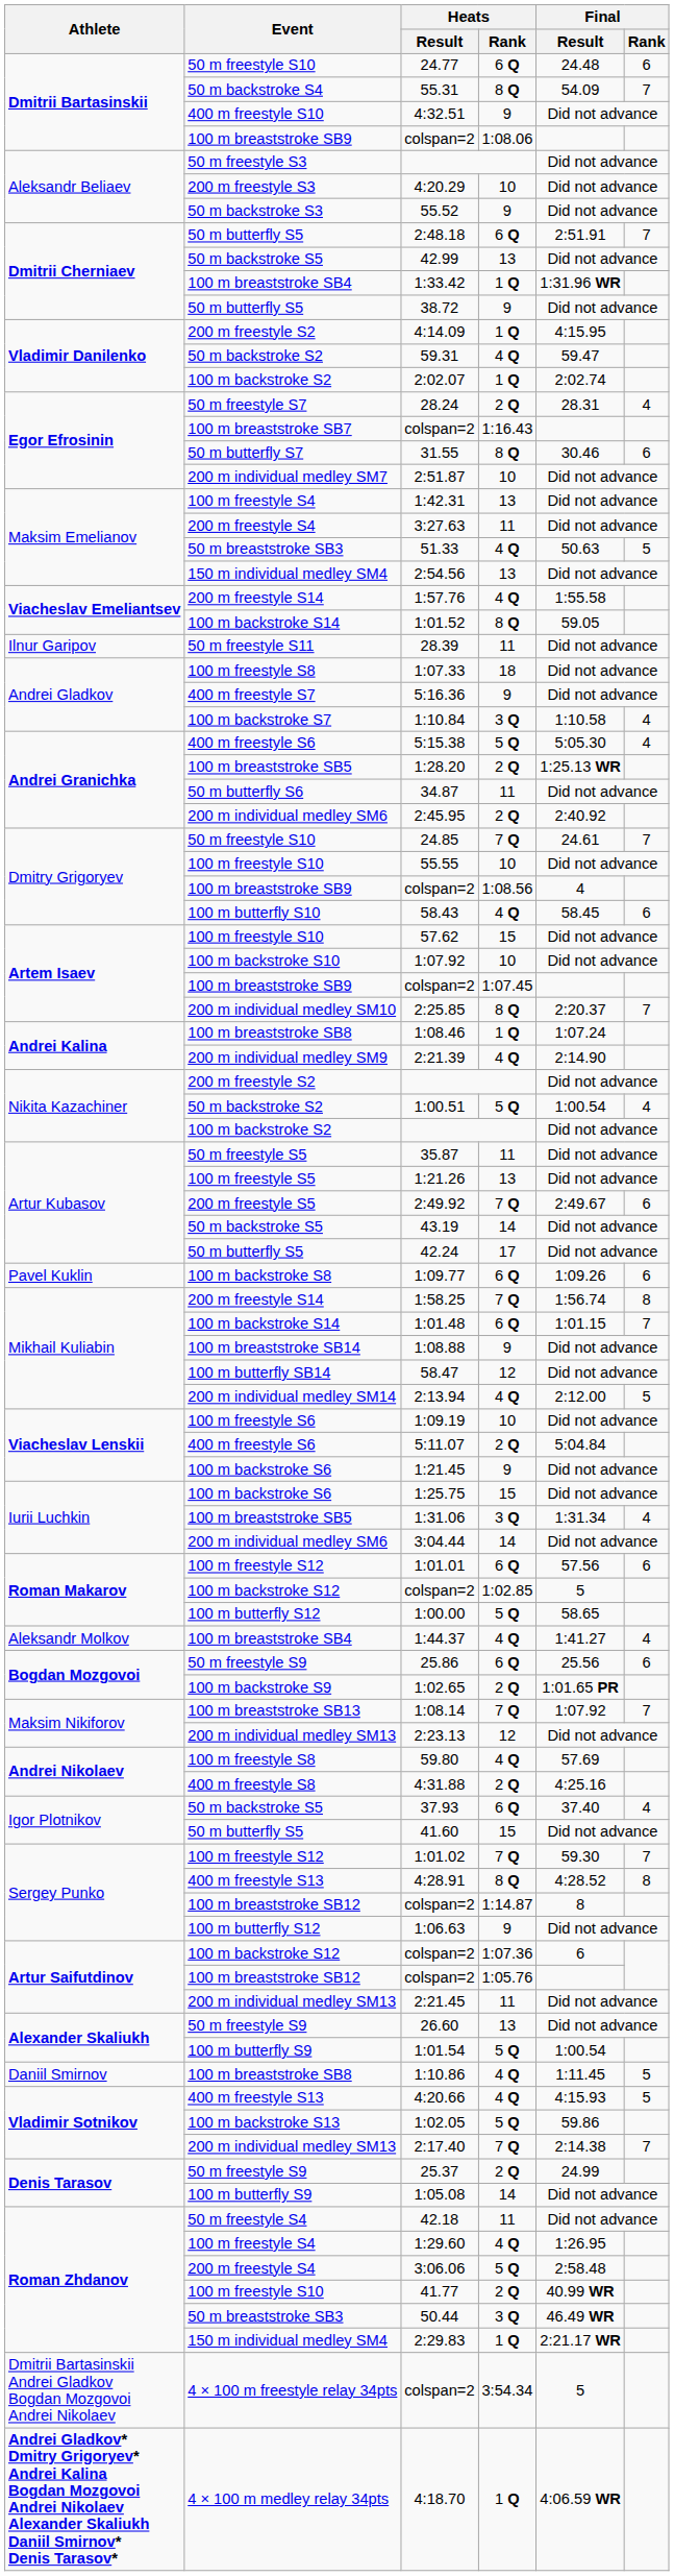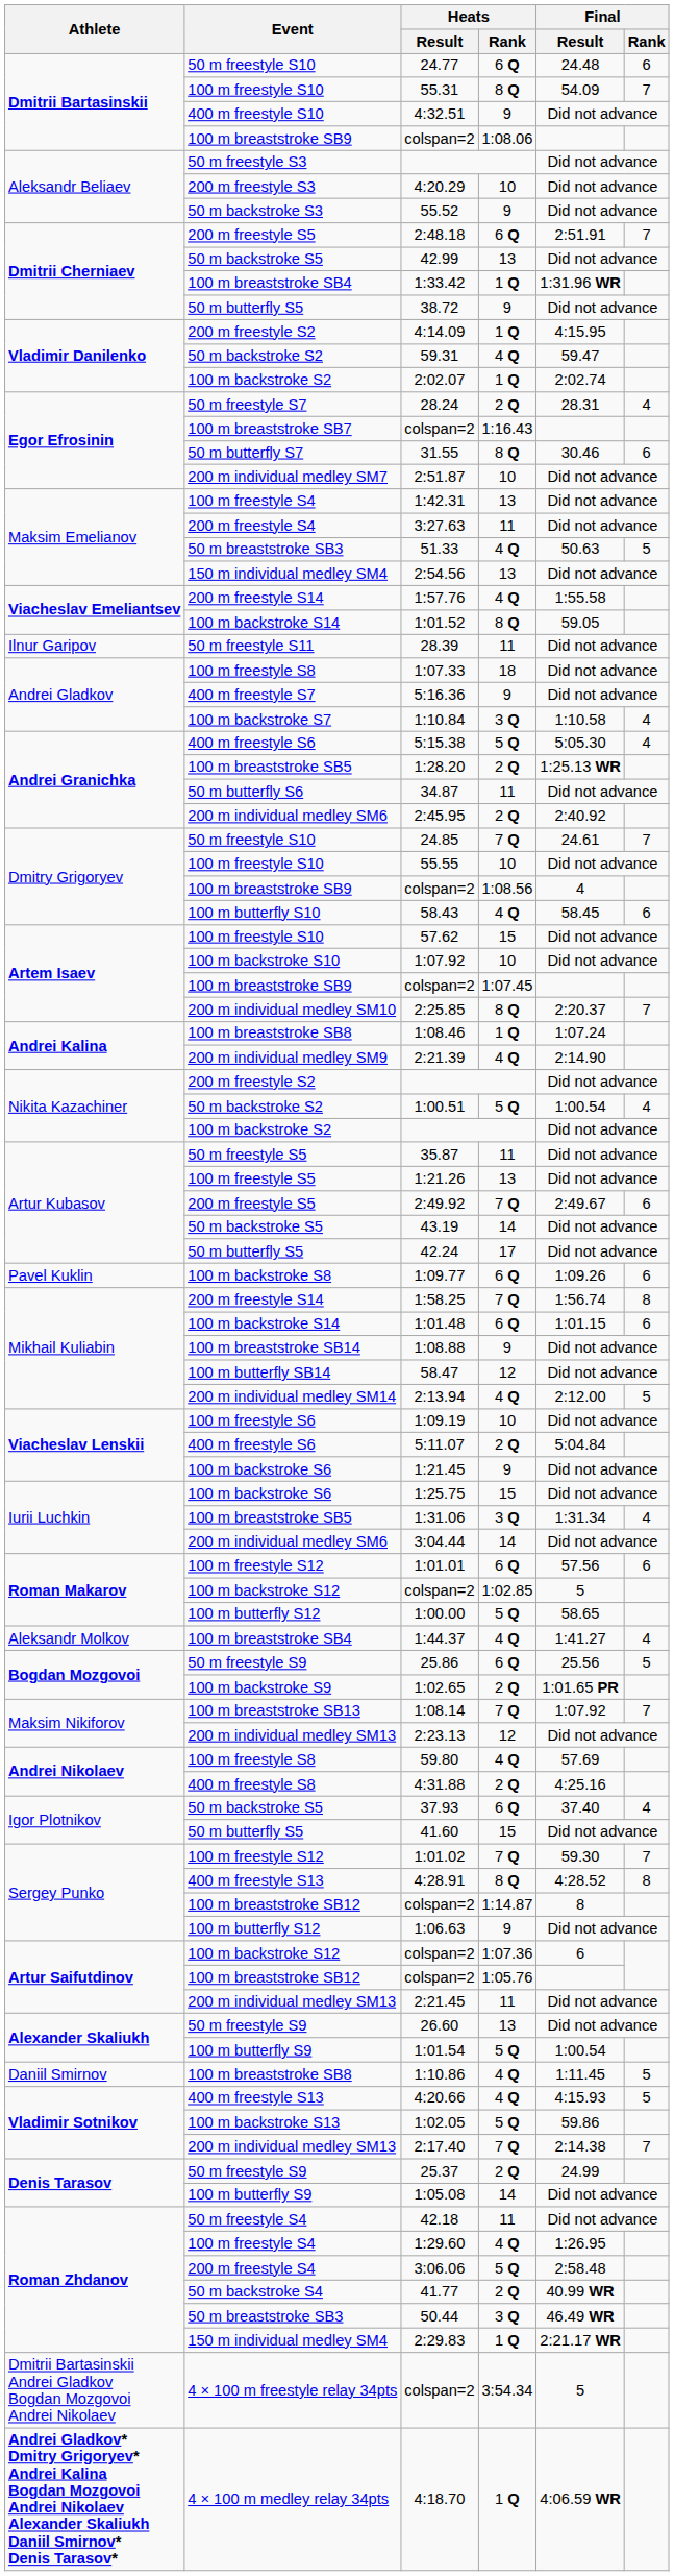 <table class=wikitable style="text-align:center; font-size:90%">
 <tr>
 <th rowspan=2>Athlete</th>
 <th rowspan=2>Event</th>
 <th colspan=2>Heats</th>
 <th colspan=2>Final</th>
 </tr>
 <tr>
 <th>Result</th>
 <th>Rank</th>
 <th>Result</th>
 <th>Rank</th>
 </tr>
 <tr>
 <td rowspan=4 align=left><strong><a href='#'>Dmitrii Bartasinskii</a></strong></td>
 <td align=left><a href='#'>50 m freestyle S10</a></td>
 <td>24.77</td>
 <td>6 <strong>Q</strong></td>
 <td>24.48</td>
 <td>6</td>
 </tr>
 <tr>
-<td align=left><a href='#'>50 m backstroke S4</a></td>
+<td align=left><a href='#'>100 m freestyle S10</a></td>
 <td>55.31</td>
 <td>8 <strong>Q</strong></td>
 <td>54.09</td>
 <td>7</td>
 </tr>
 <tr>
 <td align=left><a href='#'>400 m freestyle S10</a></td>
 <td>4:32.51</td>
 <td>9</td>
 <td colspan=2>Did not advance</td>
 </tr>
 <tr>
 <td align=left><a href='#'>100 m breaststroke SB9</a></td>
 <td>colspan=2 </td>
 <td>1:08.06</td>
 <td></td>
 </tr>
 <tr>
 <td rowspan=3 align=left><a href='#'>Aleksandr Beliaev</a></td>
 <td align=left><a href='#'>50 m freestyle S3</a></td>
 <td colspan=2></td>
 <td colspan=2>Did not advance</td>
 </tr>
 <tr>
 <td align=left><a href='#'>200 m freestyle S3</a></td>
 <td>4:20.29</td>
 <td>10</td>
 <td colspan=2>Did not advance</td>
 </tr>
 <tr>
 <td align=left><a href='#'>50 m backstroke S3</a></td>
 <td>55.52</td>
 <td>9</td>
 <td colspan=2>Did not advance</td>
 </tr>
 <tr>
 <td rowspan=4 align=left><strong><a href='#'>Dmitrii Cherniaev</a></strong></td>
-<td align=left><a href='#'>50 m butterfly S5</a></td>
+<td align=left><a href='#'>200 m freestyle S5</a></td>
 <td>2:48.18</td>
 <td>6 <strong>Q</strong></td>
 <td>2:51.91</td>
 <td>7</td>
 </tr>
 <tr>
 <td align=left><a href='#'>50 m backstroke S5</a></td>
 <td>42.99</td>
 <td>13</td>
 <td colspan=2>Did not advance</td>
 </tr>
 <tr>
 <td align=left><a href='#'>100 m breaststroke SB4</a></td>
 <td>1:33.42</td>
 <td>1 <strong>Q</strong></td>
 <td>1:31.96 <strong>WR</strong></td>
 <td></td>
 </tr>
 <tr>
 <td align=left><a href='#'>50 m butterfly S5</a></td>
 <td>38.72</td>
 <td>9</td>
 <td colspan=2>Did not advance</td>
 </tr>
 <tr>
 <td rowspan=3 align=left><strong><a href='#'>Vladimir Danilenko</a></strong></td>
 <td align=left><a href='#'>200 m freestyle S2</a></td>
 <td>4:14.09</td>
 <td>1 <strong>Q</strong></td>
 <td>4:15.95</td>
 <td></td>
 </tr>
 <tr>
 <td align=left><a href='#'>50 m backstroke S2</a></td>
 <td>59.31</td>
 <td>4 <strong>Q</strong></td>
 <td>59.47</td>
 <td></td>
 </tr>
 <tr>
 <td align=left><a href='#'>100 m backstroke S2</a></td>
 <td>2:02.07</td>
 <td>1 <strong>Q</strong></td>
 <td>2:02.74</td>
 <td></td>
 </tr>
 <tr>
 <td rowspan=4 align=left><strong><a href='#'>Egor Efrosinin</a></strong></td>
 <td align=left><a href='#'>50 m freestyle S7</a></td>
 <td>28.24</td>
 <td>2 <strong>Q</strong></td>
 <td>28.31</td>
 <td>4</td>
 </tr>
 <tr>
 <td align=left><a href='#'>100 m breaststroke SB7</a></td>
 <td>colspan=2 </td>
 <td>1:16.43</td>
 <td></td>
 </tr>
 <tr>
 <td align=left><a href='#'>50 m butterfly S7</a></td>
 <td>31.55</td>
 <td>8 <strong>Q</strong></td>
 <td>30.46</td>
 <td>6</td>
 </tr>
 <tr>
 <td align=left><a href='#'>200 m individual medley SM7</a></td>
 <td>2:51.87</td>
 <td>10</td>
 <td colspan=2>Did not advance</td>
 </tr>
 <tr>
 <td rowspan=4 align=left><a href='#'>Maksim Emelianov</a></td>
 <td align=left><a href='#'>100 m freestyle S4</a></td>
 <td>1:42.31</td>
 <td>13</td>
 <td colspan=2>Did not advance</td>
 </tr>
 <tr>
 <td align=left><a href='#'>200 m freestyle S4</a></td>
 <td>3:27.63</td>
 <td>11</td>
 <td colspan=2>Did not advance</td>
 </tr>
 <tr>
 <td align=left><a href='#'>50 m breaststroke SB3</a></td>
 <td>51.33</td>
 <td>4 <strong>Q</strong></td>
 <td>50.63</td>
 <td>5</td>
 </tr>
 <tr>
 <td align=left><a href='#'>150 m individual medley SM4</a></td>
 <td>2:54.56</td>
 <td>13</td>
 <td colspan=2>Did not advance</td>
 </tr>
 <tr>
 <td rowspan=2 align=left><strong><a href='#'>Viacheslav Emeliantsev</a></strong></td>
 <td align=left><a href='#'>200 m freestyle S14</a></td>
 <td>1:57.76</td>
 <td>4 <strong>Q</strong></td>
 <td>1:55.58</td>
 <td></td>
 </tr>
 <tr>
 <td align=left><a href='#'>100 m backstroke S14</a></td>
 <td>1:01.52</td>
 <td>8 <strong>Q</strong></td>
 <td>59.05</td>
 <td></td>
 </tr>
 <tr>
 <td align=left><a href='#'>Ilnur Garipov</a></td>
 <td align=left><a href='#'>50 m freestyle S11</a></td>
 <td>28.39</td>
 <td>11</td>
 <td colspan=2>Did not advance</td>
 </tr>
 <tr>
 <td rowspan=3 align=left><a href='#'>Andrei Gladkov</a></td>
 <td align=left><a href='#'>100 m freestyle S8</a></td>
 <td>1:07.33</td>
 <td>18</td>
 <td colspan=2>Did not advance</td>
 </tr>
 <tr>
 <td align=left><a href='#'>400 m freestyle S7</a></td>
 <td>5:16.36</td>
 <td>9</td>
 <td colspan=2>Did not advance</td>
 </tr>
 <tr>
 <td align=left><a href='#'>100 m backstroke S7</a></td>
 <td>1:10.84</td>
 <td>3 <strong>Q</strong></td>
 <td>1:10.58</td>
 <td>4</td>
 </tr>
 <tr>
 <td rowspan=4 align=left><strong><a href='#'>Andrei Granichka</a></strong></td>
 <td align=left><a href='#'>400 m freestyle S6</a></td>
 <td>5:15.38</td>
 <td>5 <strong>Q</strong></td>
 <td>5:05.30</td>
 <td>4</td>
 </tr>
 <tr>
 <td align=left><a href='#'>100 m breaststroke SB5</a></td>
 <td>1:28.20</td>
 <td>2 <strong>Q</strong></td>
 <td>1:25.13 <strong>WR</strong></td>
 <td></td>
 </tr>
 <tr>
 <td align=left><a href='#'>50 m butterfly S6</a></td>
 <td>34.87</td>
 <td>11</td>
 <td colspan=2>Did not advance</td>
 </tr>
 <tr>
 <td align=left><a href='#'>200 m individual medley SM6</a></td>
 <td>2:45.95</td>
 <td>2 <strong>Q</strong></td>
 <td>2:40.92</td>
 <td></td>
 </tr>
 <tr>
 <td rowspan=4 align=left><a href='#'>Dmitry Grigoryev</a></td>
 <td align=left><a href='#'>50 m freestyle S10</a></td>
 <td>24.85</td>
 <td>7 <strong>Q</strong></td>
 <td>24.61</td>
 <td>7</td>
 </tr>
 <tr>
 <td align=left><a href='#'>100 m freestyle S10</a></td>
 <td>55.55</td>
 <td>10</td>
 <td colspan=2>Did not advance</td>
 </tr>
 <tr>
 <td align=left><a href='#'>100 m breaststroke SB9</a></td>
 <td>colspan=2 </td>
 <td>1:08.56</td>
 <td>4</td>
 </tr>
 <tr>
 <td align=left><a href='#'>100 m butterfly S10</a></td>
 <td>58.43</td>
 <td>4 <strong>Q</strong></td>
 <td>58.45</td>
 <td>6</td>
 </tr>
 <tr>
 <td rowspan=4 align=left><strong><a href='#'>Artem Isaev</a></strong></td>
 <td align=left><a href='#'>100 m freestyle S10</a></td>
 <td>57.62</td>
 <td>15</td>
 <td colspan=2>Did not advance</td>
 </tr>
 <tr>
 <td align=left><a href='#'>100 m backstroke S10</a></td>
 <td>1:07.92</td>
 <td>10</td>
 <td colspan=2>Did not advance</td>
 </tr>
 <tr>
 <td align=left><a href='#'>100 m breaststroke SB9</a></td>
 <td>colspan=2 </td>
 <td>1:07.45</td>
 <td></td>
 </tr>
 <tr>
 <td align=left><a href='#'>200 m individual medley SM10</a></td>
 <td>2:25.85</td>
 <td>8 <strong>Q</strong></td>
 <td>2:20.37</td>
 <td>7</td>
 </tr>
 <tr>
 <td rowspan=2 align=left><strong><a href='#'>Andrei Kalina</a></strong></td>
 <td align=left><a href='#'>100 m breaststroke SB8</a></td>
 <td>1:08.46</td>
 <td>1 <strong>Q</strong></td>
 <td>1:07.24</td>
 <td></td>
 </tr>
 <tr>
 <td align=left><a href='#'>200 m individual medley SM9</a></td>
 <td>2:21.39</td>
 <td>4 <strong>Q</strong></td>
 <td>2:14.90</td>
 <td></td>
 </tr>
 <tr>
 <td rowspan=3 align=left><a href='#'>Nikita Kazachiner</a></td>
 <td align=left><a href='#'>200 m freestyle S2</a></td>
 <td colspan=2></td>
 <td colspan=2>Did not advance</td>
 </tr>
 <tr>
 <td align=left><a href='#'>50 m backstroke S2</a></td>
 <td>1:00.51</td>
 <td>5 <strong>Q</strong></td>
 <td>1:00.54</td>
 <td>4</td>
 </tr>
 <tr>
 <td align=left><a href='#'>100 m backstroke S2</a></td>
 <td colspan=2></td>
 <td colspan=2>Did not advance</td>
 </tr>
 <tr>
 <td rowspan=5 align=left><a href='#'>Artur Kubasov</a></td>
 <td align=left><a href='#'>50 m freestyle S5</a></td>
 <td>35.87</td>
 <td>11</td>
 <td colspan=2>Did not advance</td>
 </tr>
 <tr>
 <td align=left><a href='#'>100 m freestyle S5</a></td>
 <td>1:21.26</td>
 <td>13</td>
 <td colspan=2>Did not advance</td>
 </tr>
 <tr>
 <td align=left><a href='#'>200 m freestyle S5</a></td>
 <td>2:49.92</td>
 <td>7 <strong>Q</strong></td>
 <td>2:49.67</td>
 <td>6</td>
 </tr>
 <tr>
 <td align=left><a href='#'>50 m backstroke S5</a></td>
 <td>43.19</td>
 <td>14</td>
 <td colspan=2>Did not advance</td>
 </tr>
 <tr>
 <td align=left><a href='#'>50 m butterfly S5</a></td>
 <td>42.24</td>
 <td>17</td>
 <td colspan=2>Did not advance</td>
 </tr>
 <tr>
 <td align=left><a href='#'>Pavel Kuklin</a></td>
 <td align=left><a href='#'>100 m backstroke S8</a></td>
 <td>1:09.77</td>
 <td>6 <strong>Q</strong></td>
 <td>1:09.26</td>
 <td>6</td>
 </tr>
 <tr>
 <td rowspan=5 align=left><a href='#'>Mikhail Kuliabin</a></td>
 <td align=left><a href='#'>200 m freestyle S14</a></td>
 <td>1:58.25</td>
 <td>7 <strong>Q</strong></td>
 <td>1:56.74</td>
 <td>8</td>
 </tr>
 <tr>
 <td align=left><a href='#'>100 m backstroke S14</a></td>
 <td>1:01.48</td>
 <td>6 <strong>Q</strong></td>
 <td>1:01.15</td>
-<td>7</td>
+<td>6</td>
 </tr>
 <tr>
 <td align=left><a href='#'>100 m breaststroke SB14</a></td>
 <td>1:08.88</td>
 <td>9</td>
 <td colspan=2>Did not advance</td>
 </tr>
 <tr>
 <td align=left><a href='#'>100 m butterfly SB14</a></td>
 <td>58.47</td>
 <td>12</td>
 <td colspan=2>Did not advance</td>
 </tr>
 <tr>
 <td align=left><a href='#'>200 m individual medley SM14</a></td>
 <td>2:13.94</td>
 <td>4 <strong>Q</strong></td>
 <td>2:12.00</td>
 <td>5</td>
 </tr>
 <tr>
 <td rowspan=3 align=left><strong><a href='#'>Viacheslav Lenskii</a></strong></td>
 <td align=left><a href='#'>100 m freestyle S6</a></td>
 <td>1:09.19</td>
 <td>10</td>
 <td colspan=2>Did not advance</td>
 </tr>
 <tr>
 <td align=left><a href='#'>400 m freestyle S6</a></td>
 <td>5:11.07</td>
 <td>2 <strong>Q</strong></td>
 <td>5:04.84</td>
 <td></td>
 </tr>
 <tr>
 <td align=left><a href='#'>100 m backstroke S6</a></td>
 <td>1:21.45</td>
 <td>9</td>
 <td colspan=2>Did not advance</td>
 </tr>
 <tr>
 <td rowspan=3 align=left><a href='#'>Iurii Luchkin</a></td>
 <td align=left><a href='#'>100 m backstroke S6</a></td>
 <td>1:25.75</td>
 <td>15</td>
 <td colspan=2>Did not advance</td>
 </tr>
 <tr>
 <td align=left><a href='#'>100 m breaststroke SB5</a></td>
 <td>1:31.06</td>
 <td>3 <strong>Q</strong></td>
 <td>1:31.34</td>
 <td>4</td>
 </tr>
 <tr>
 <td align=left><a href='#'>200 m individual medley SM6</a></td>
 <td>3:04.44</td>
 <td>14</td>
 <td colspan=2>Did not advance</td>
 </tr>
 <tr>
 <td rowspan=3 align=left><strong><a href='#'>Roman Makarov</a></strong></td>
 <td align=left><a href='#'>100 m freestyle S12</a></td>
 <td>1:01.01</td>
 <td>6 <strong>Q</strong></td>
 <td>57.56</td>
 <td>6</td>
 </tr>
 <tr>
 <td align=left><a href='#'>100 m backstroke S12</a></td>
 <td>colspan=2 </td>
 <td>1:02.85</td>
 <td>5</td>
 </tr>
 <tr>
 <td align=left><a href='#'>100 m butterfly S12</a></td>
 <td>1:00.00</td>
 <td>5 <strong>Q</strong></td>
 <td>58.65</td>
 <td></td>
 </tr>
 <tr>
 <td align=left><a href='#'>Aleksandr Molkov</a></td>
 <td align=left><a href='#'>100 m breaststroke SB4</a></td>
 <td>1:44.37</td>
 <td>4 <strong>Q</strong></td>
 <td>1:41.27</td>
 <td>4</td>
 </tr>
 <tr>
 <td rowspan=2 align=left><strong><a href='#'>Bogdan Mozgovoi</a></strong></td>
 <td align=left><a href='#'>50 m freestyle S9</a></td>
 <td>25.86</td>
 <td>6 <strong>Q</strong></td>
 <td>25.56</td>
-<td>6</td>
+<td>5</td>
 </tr>
 <tr>
 <td align=left><a href='#'>100 m backstroke S9</a></td>
 <td>1:02.65</td>
 <td>2 <strong>Q</strong></td>
 <td>1:01.65 <strong>PR</strong></td>
 <td></td>
 </tr>
 <tr>
 <td rowspan=2 align=left><a href='#'>Maksim Nikiforov</a></td>
 <td align=left><a href='#'>100 m breaststroke SB13</a></td>
 <td>1:08.14</td>
 <td>7 <strong>Q</strong></td>
 <td>1:07.92</td>
 <td>7</td>
 </tr>
 <tr>
 <td align=left><a href='#'>200 m individual medley SM13</a></td>
 <td>2:23.13</td>
 <td>12</td>
 <td colspan=2>Did not advance</td>
 </tr>
 <tr>
 <td rowspan=2 align=left><strong><a href='#'>Andrei Nikolaev</a></strong></td>
 <td align=left><a href='#'>100 m freestyle S8</a></td>
 <td>59.80</td>
 <td>4 <strong>Q</strong></td>
 <td>57.69</td>
 <td></td>
 </tr>
 <tr>
 <td align=left><a href='#'>400 m freestyle S8</a></td>
 <td>4:31.88</td>
 <td>2 <strong>Q</strong></td>
 <td>4:25.16</td>
 <td></td>
 </tr>
 <tr>
 <td rowspan=2 align=left><a href='#'>Igor Plotnikov</a></td>
 <td align=left><a href='#'>50 m backstroke S5</a></td>
 <td>37.93</td>
 <td>6 <strong>Q</strong></td>
 <td>37.40</td>
 <td>4</td>
 </tr>
 <tr>
 <td align=left><a href='#'>50 m butterfly S5</a></td>
 <td>41.60</td>
 <td>15</td>
 <td colspan=2>Did not advance</td>
 </tr>
 <tr>
 <td rowspan=4 align=left><a href='#'>Sergey Punko</a></td>
 <td align=left><a href='#'>100 m freestyle S12</a></td>
 <td>1:01.02</td>
 <td>7 <strong>Q</strong></td>
 <td>59.30</td>
 <td>7</td>
 </tr>
 <tr>
 <td align=left><a href='#'>400 m freestyle S13</a></td>
 <td>4:28.91</td>
 <td>8 <strong>Q</strong></td>
 <td>4:28.52</td>
 <td>8</td>
 </tr>
 <tr>
 <td align=left><a href='#'>100 m breaststroke SB12</a></td>
 <td>colspan=2 </td>
 <td>1:14.87</td>
 <td>8</td>
 </tr>
 <tr>
 <td align=left><a href='#'>100 m butterfly S12</a></td>
 <td>1:06.63</td>
 <td>9</td>
 <td colspan=2>Did not advance</td>
 </tr>
 <tr>
 <td rowspan=3 align=left><strong><a href='#'>Artur Saifutdinov</a></strong></td>
 <td align=left><a href='#'>100 m backstroke S12</a></td>
 <td>colspan=2 </td>
 <td>1:07.36</td>
 <td>6</td>
 </tr>
 <tr>
 <td align=left><a href='#'>100 m breaststroke SB12</a></td>
 <td>colspan=2 </td>
 <td>1:05.76</td>
 <td></td>
 </tr>
 <tr>
 <td align=left><a href='#'>200 m individual medley SM13</a></td>
 <td>2:21.45</td>
 <td>11</td>
 <td colspan=2>Did not advance</td>
 </tr>
 <tr>
 <td rowspan=2 align=left><strong><a href='#'>Alexander Skaliukh</a></strong></td>
 <td align=left><a href='#'>50 m freestyle S9</a></td>
 <td>26.60</td>
 <td>13</td>
 <td colspan=2>Did not advance</td>
 </tr>
 <tr>
 <td align=left><a href='#'>100 m butterfly S9</a></td>
 <td>1:01.54</td>
 <td>5 <strong>Q</strong></td>
 <td>1:00.54</td>
 <td></td>
 </tr>
 <tr>
 <td align=left><a href='#'>Daniil Smirnov</a></td>
 <td align=left><a href='#'>100 m breaststroke SB8</a></td>
 <td>1:10.86</td>
 <td>4 <strong>Q</strong></td>
 <td>1:11.45</td>
 <td>5</td>
 </tr>
 <tr>
 <td rowspan=3 align=left><strong><a href='#'>Vladimir Sotnikov</a></strong></td>
 <td align=left><a href='#'>400 m freestyle S13</a></td>
 <td>4:20.66</td>
 <td>4 <strong>Q</strong></td>
 <td>4:15.93</td>
 <td>5</td>
 </tr>
 <tr>
 <td align=left><a href='#'>100 m backstroke S13</a></td>
 <td>1:02.05</td>
 <td>5 <strong>Q</strong></td>
 <td>59.86</td>
 <td></td>
 </tr>
 <tr>
 <td align=left><a href='#'>200 m individual medley SM13</a></td>
 <td>2:17.40</td>
 <td>7 <strong>Q</strong></td>
 <td>2:14.38</td>
 <td>7</td>
 </tr>
 <tr>
 <td rowspan=2 align=left><strong><a href='#'>Denis Tarasov</a></strong></td>
 <td align=left><a href='#'>50 m freestyle S9</a></td>
 <td>25.37</td>
 <td>2 <strong>Q</strong></td>
 <td>24.99</td>
 <td></td>
 </tr>
 <tr>
 <td align=left><a href='#'>100 m butterfly S9</a></td>
 <td>1:05.08</td>
 <td>14</td>
 <td colspan=2>Did not advance</td>
 </tr>
 <tr>
 <td rowspan=6 align=left><strong><a href='#'>Roman Zhdanov</a></strong></td>
 <td align=left><a href='#'>50 m freestyle S4</a></td>
 <td>42.18</td>
 <td>11</td>
 <td colspan=2>Did not advance</td>
 </tr>
 <tr>
 <td align=left><a href='#'>100 m freestyle S4</a></td>
 <td>1:29.60</td>
 <td>4 <strong>Q</strong></td>
 <td>1:26.95</td>
 <td></td>
 </tr>
 <tr>
 <td align=left><a href='#'>200 m freestyle S4</a></td>
 <td>3:06.06</td>
 <td>5 <strong>Q</strong></td>
 <td>2:58.48</td>
 <td></td>
 </tr>
 <tr>
-<td align=left><a href='#'>100 m freestyle S10</a></td>
+<td align=left><a href='#'>50 m backstroke S4</a></td>
 <td>41.77</td>
 <td>2 <strong>Q</strong></td>
 <td>40.99 <strong>WR</strong></td>
 <td></td>
 </tr>
 <tr>
 <td align=left><a href='#'>50 m breaststroke SB3</a></td>
 <td>50.44</td>
 <td>3 <strong>Q</strong></td>
 <td>46.49 <strong>WR</strong></td>
 <td></td>
 </tr>
 <tr>
 <td align=left><a href='#'>150 m individual medley SM4</a></td>
 <td>2:29.83</td>
 <td>1 <strong>Q</strong></td>
 <td>2:21.17 <strong>WR</strong></td>
 <td></td>
 </tr>
 <tr>
 <td align=left><a href='#'>Dmitrii Bartasinskii</a><br><a href='#'>Andrei Gladkov</a><br><a href='#'>Bogdan Mozgovoi</a><br><a href='#'>Andrei Nikolaev</a></td>
 <td align=left><a href='#'>4 × 100 m freestyle relay 34pts</a></td>
 <td>colspan=2 </td>
 <td>3:54.34</td>
 <td>5</td>
 </tr>
 <tr>
 <td align=left><strong><a href='#'>Andrei Gladkov</a>*<br><a href='#'>Dmitry Grigoryev</a>*<br><a href='#'>Andrei Kalina</a><br><a href='#'>Bogdan Mozgovoi</a><br><a href='#'>Andrei Nikolaev</a><br><a href='#'>Alexander Skaliukh</a><br><a href='#'>Daniil Smirnov</a>*<br><a href='#'>Denis Tarasov</a>*</strong></td>
 <td align=left><a href='#'>4 × 100 m medley relay 34pts</a></td>
 <td>4:18.70</td>
 <td>1 <strong>Q</strong></td>
 <td>4:06.59 <strong>WR</strong></td>
 <td></td>
 </tr>
 </table>
